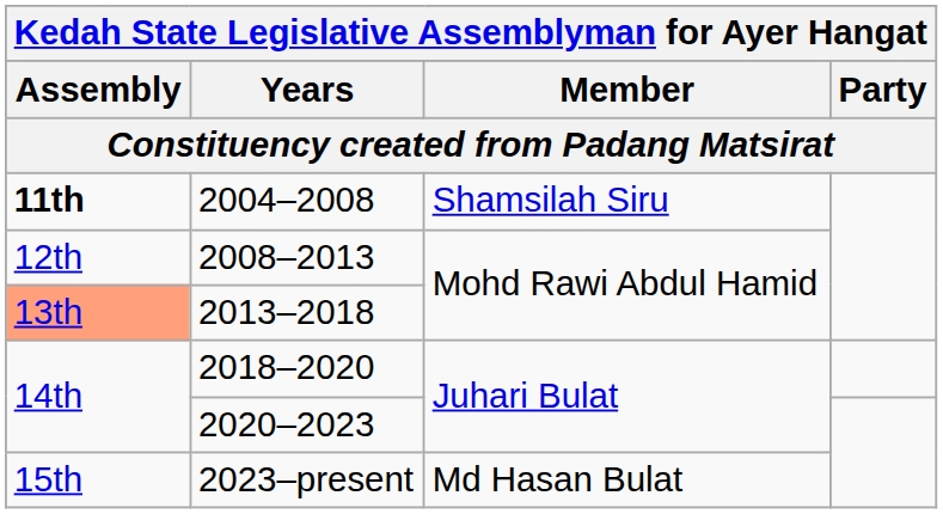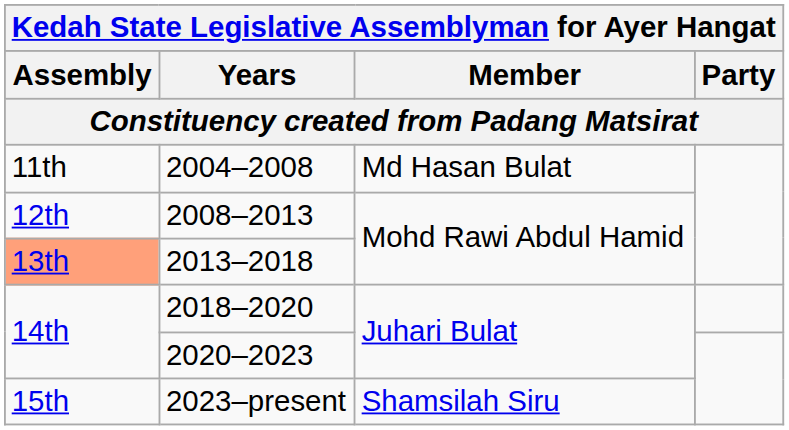 <table class="wikitable">
 <tr>
 <th colspan="4"><a href='#'>Kedah State Legislative Assemblyman</a> for Ayer Hangat</th>
 </tr>
 <tr>
 <th>Assembly</th>
 <th>Years</th>
 <th>Member</th>
 <th>Party</th>
 </tr>
 <tr>
 <th colspan="4" align="center"><em>Constituency created from Padang Matsirat</em></th>
 </tr>
 <tr>
-<td><strong>11th</strong></td>
+<td>11th</td>
 <td>2004–2008</td>
-<td><a href='#'>Shamsilah Siru</a></td>
+<td>Md Hasan Bulat</td>
 <td rowspan="3"></td>
 </tr>
 <tr>
 <td><a href='#'>12th</a></td>
 <td>2008–2013</td>
 <td rowspan="2">Mohd Rawi Abdul Hamid</td>
 </tr>
 <tr>
 <td style="background: lightsalmon;"><a href='#'>13th</a></td>
 <td>2013–2018</td>
 </tr>
 <tr>
 <td rowspan="2"><a href='#'>14th</a></td>
 <td>2018–2020</td>
 <td rowspan="2"><a href='#'>Juhari Bulat</a></td>
 <td></td>
 </tr>
 <tr>
 <td>2020–2023</td>
 <td rowspan="2"></td>
 </tr>
 <tr>
 <td rowspan="2"><a href='#'>15th</a></td>
 <td>2023–present</td>
-<td>Md Hasan Bulat</td>
+<td><a href='#'>Shamsilah Siru</a></td>
 </tr>
 </table>
